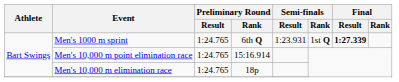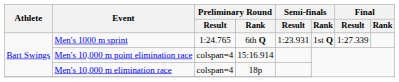 <table class="wikitable" style="font-size:90%">
 <tr>
 <th rowspan=2>Athlete</th>
 <th rowspan=2>Event</th>
 <th colspan=2>Preliminary Round</th>
 <th colspan=2>Semi-finals</th>
 <th colspan=2>Final</th>
 </tr>
 <tr style="font-size:95%">
 <th>Result</th>
 <th>Rank</th>
 <th>Result</th>
 <th>Rank</th>
 <th>Result</th>
 <th>Rank</th>
 </tr>
 <tr align=center>
 <td rowspan=3 align=left><a href='#'>Bart Swings</a></td>
 <td align=left><a href='#'>Men's 1000 m sprint</a></td>
 <td>1:24.765</td>
 <td>6th <strong>Q</strong></td>
 <td>1:23.931</td>
 <td>1st <strong>Q</strong></td>
-<td><strong>1:27.339</strong></td>
+<td>1:27.339</td>
 <td></td>
 </tr>
 <tr align="center">
 <td align=left><a href='#'>Men's 10,000 m point elimination race</a></td>
-<td>1:24.765</td>
+<td>colspan=4 </td>
 <td>15:16.914</td>
 <td></td>
 </tr>
 <tr align="center">
 <td align=left><a href='#'>Men's 10,000 m elimination race</a></td>
-<td>1:24.765</td>
+<td>colspan=4 </td>
 <td>18p</td>
 <td></td>
 </tr>
 <tr align="center">
 </tr>
 </table>
